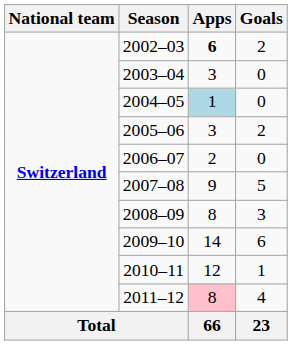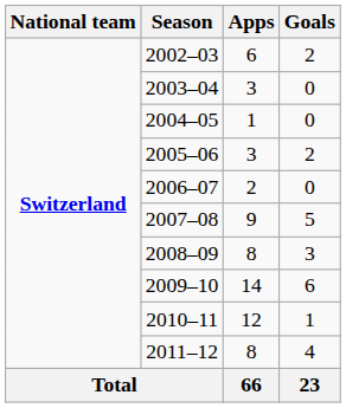 <table class="wikitable" style="text-align:center">
 <tr>
 <th>National team</th>
 <th>Season</th>
 <th>Apps</th>
 <th>Goals</th>
 </tr>
 <tr>
 <td rowspan=10 valign="center"><strong><a href='#'>Switzerland</a></strong></td>
 <td>2002–03</td>
-<td><strong>6</strong></td>
+<td>6</td>
 <td>2</td>
 </tr>
 <tr>
 <td>2003–04</td>
 <td>3</td>
 <td>0</td>
 </tr>
 <tr>
 <td>2004–05</td>
-<td style="background: lightblue;">1</td>
+<td>1</td>
 <td>0</td>
 </tr>
 <tr>
 <td>2005–06</td>
 <td>3</td>
 <td>2</td>
 </tr>
 <tr>
 <td>2006–07</td>
 <td>2</td>
 <td>0</td>
 </tr>
 <tr>
 <td>2007–08</td>
 <td>9</td>
 <td>5</td>
 </tr>
 <tr>
 <td>2008–09</td>
 <td>8</td>
 <td>3</td>
 </tr>
 <tr>
 <td>2009–10</td>
 <td>14</td>
 <td>6</td>
 </tr>
 <tr>
 <td>2010–11</td>
 <td>12</td>
 <td>1</td>
 </tr>
 <tr>
 <td>2011–12</td>
-<td style="background: pink;">8</td>
+<td>8</td>
 <td>4</td>
 </tr>
 <tr>
 <th colspan=2>Total</th>
 <th>66</th>
 <th>23</th>
 </tr>
 </table>
